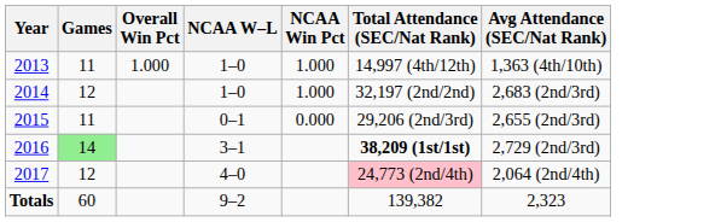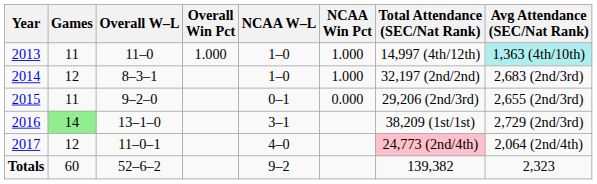 <table class="wikitable sortable"; style= "text-align:center">
 <tr>
 <th>Year</th>
 <th>Games</th>
+<th>Overall W–L</th>
 <th>Overall<br> Win Pct</th>
 <th>NCAA W–L</th>
 <th>NCAA <br>Win Pct</th>
 <th>Total Attendance<br> (SEC/Nat Rank)</th>
 <th>Avg Attendance<br> (SEC/Nat Rank)</th>
 </tr>
 <tr>
 <td><a href='#'>2013</a></td>
 <td>11</td>
+<td>11–0</td>
 <td>1.000</td>
 <td>1–0</td>
 <td>1.000</td>
 <td>14,997 (4th/12th)</td>
-<td>1,363 (4th/10th)</td>
+<td style="background: paleturquoise;">1,363 (4th/10th)</td>
 </tr>
 <tr>
 <td><a href='#'>2014</a></td>
 <td>12</td>
+<td>8–3–1</td>
 <td></td>
 <td>1–0</td>
 <td>1.000</td>
 <td>32,197 (2nd/2nd)</td>
 <td>2,683 (2nd/3rd)</td>
 </tr>
 <tr>
 <td><a href='#'>2015</a></td>
 <td>11</td>
+<td>9–2–0</td>
 <td></td>
 <td>0–1</td>
 <td>0.000</td>
 <td>29,206 (2nd/3rd)</td>
 <td>2,655 (2nd/3rd)</td>
 </tr>
 <tr>
 <td><a href='#'>2016</a></td>
 <td style="background: lightgreen;">14</td>
+<td>13–1–0</td>
 <td></td>
 <td>3–1</td>
 <td></td>
-<td><strong>38,209 (1st/1st)</strong></td>
+<td>38,209 (1st/1st)</td>
 <td>2,729 (2nd/3rd)</td>
 </tr>
 <tr>
 <td><a href='#'>2017</a></td>
 <td>12</td>
+<td>11–0–1</td>
 <td></td>
 <td>4–0</td>
 <td></td>
 <td style="background: pink;">24,773 (2nd/4th)</td>
 <td>2,064 (2nd/4th)</td>
 </tr>
 <tr>
 <td><strong>Totals</strong></td>
 <td>60</td>
+<td>52–6–2</td>
 <td></td>
 <td>9–2</td>
 <td></td>
 <td>139,382</td>
 <td>2,323</td>
 </tr>
 </table>
